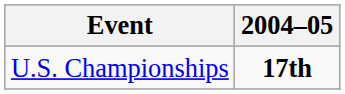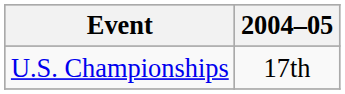 <table class="wikitable" style="text-align:center">
 <tr>
 <th>Event</th>
 <th>2004–05</th>
 </tr>
 <tr>
 <td align=left><a href='#'>U.S. Championships</a></td>
-<td><strong>17th</strong></td>
+<td>17th</td>
 </tr>
 </table>
